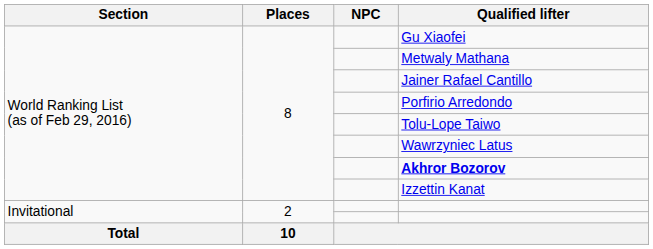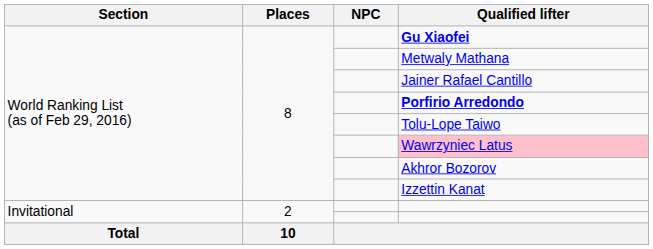 <table class="wikitable"  width=750>
 <tr>
 <th>Section</th>
 <th>Places</th>
 <th>NPC</th>
 <th>Qualified lifter</th>
 </tr>
 <tr>
 <td rowspan=8>World Ranking List<br>(as of Feb 29, 2016)</td>
 <td rowspan=8 align=center>8</td>
 <td></td>
-<td><a href='#'>Gu Xiaofei</a></td>
+<td><strong><a href='#'>Gu Xiaofei</a></strong></td>
 </tr>
 <tr>
 <td></td>
 <td><a href='#'>Metwaly Mathana</a></td>
 </tr>
 <tr>
 <td></td>
 <td><a href='#'>Jainer Rafael Cantillo</a></td>
 </tr>
 <tr>
 <td></td>
-<td><a href='#'>Porfirio Arredondo</a></td>
+<td><strong><a href='#'>Porfirio Arredondo</a></strong></td>
 </tr>
 <tr>
 <td></td>
 <td><a href='#'>Tolu-Lope Taiwo</a></td>
 </tr>
 <tr>
 <td></td>
-<td><a href='#'>Wawrzyniec Latus</a></td>
+<td style="background: pink;"><a href='#'>Wawrzyniec Latus</a></td>
 </tr>
 <tr>
 <td></td>
-<td><strong><a href='#'>Akhror Bozorov</a></strong></td>
+<td><a href='#'>Akhror Bozorov</a></td>
 </tr>
 <tr>
 <td></td>
 <td><a href='#'>Izzettin Kanat</a></td>
 </tr>
 <tr>
 <td rowspan=2>Invitational</td>
 <td rowspan="2" align=center>2</td>
 <td></td>
 <td></td>
 </tr>
 <tr>
 <td></td>
 <td></td>
 </tr>
 <tr>
 <th>Total</th>
 <th>10</th>
 <th colspan=2></th>
 </tr>
 </table>
